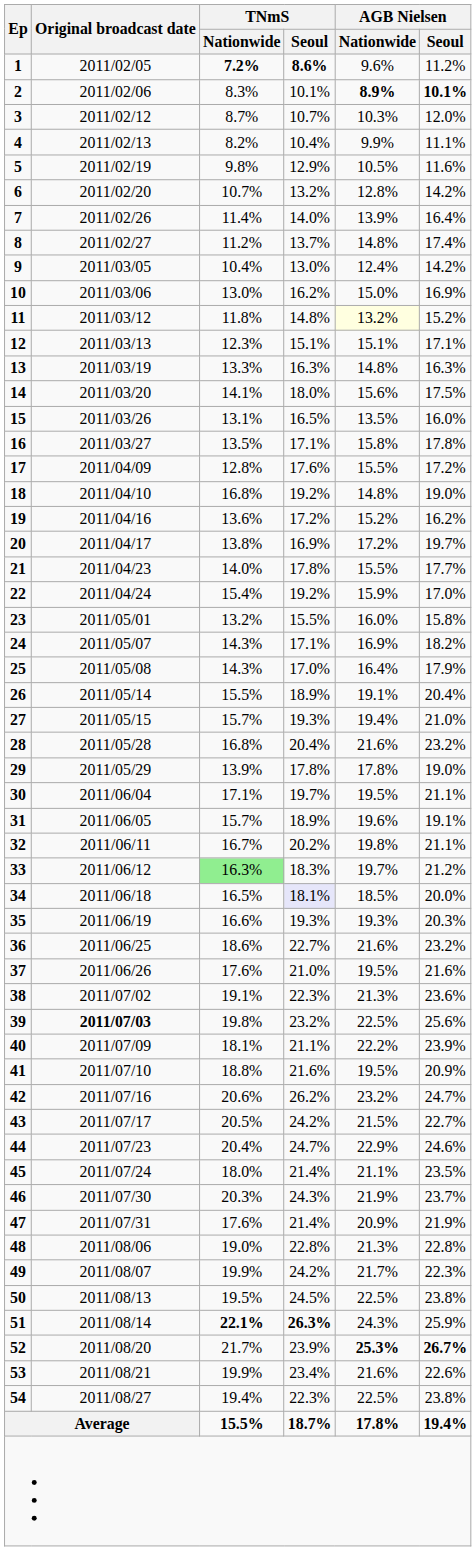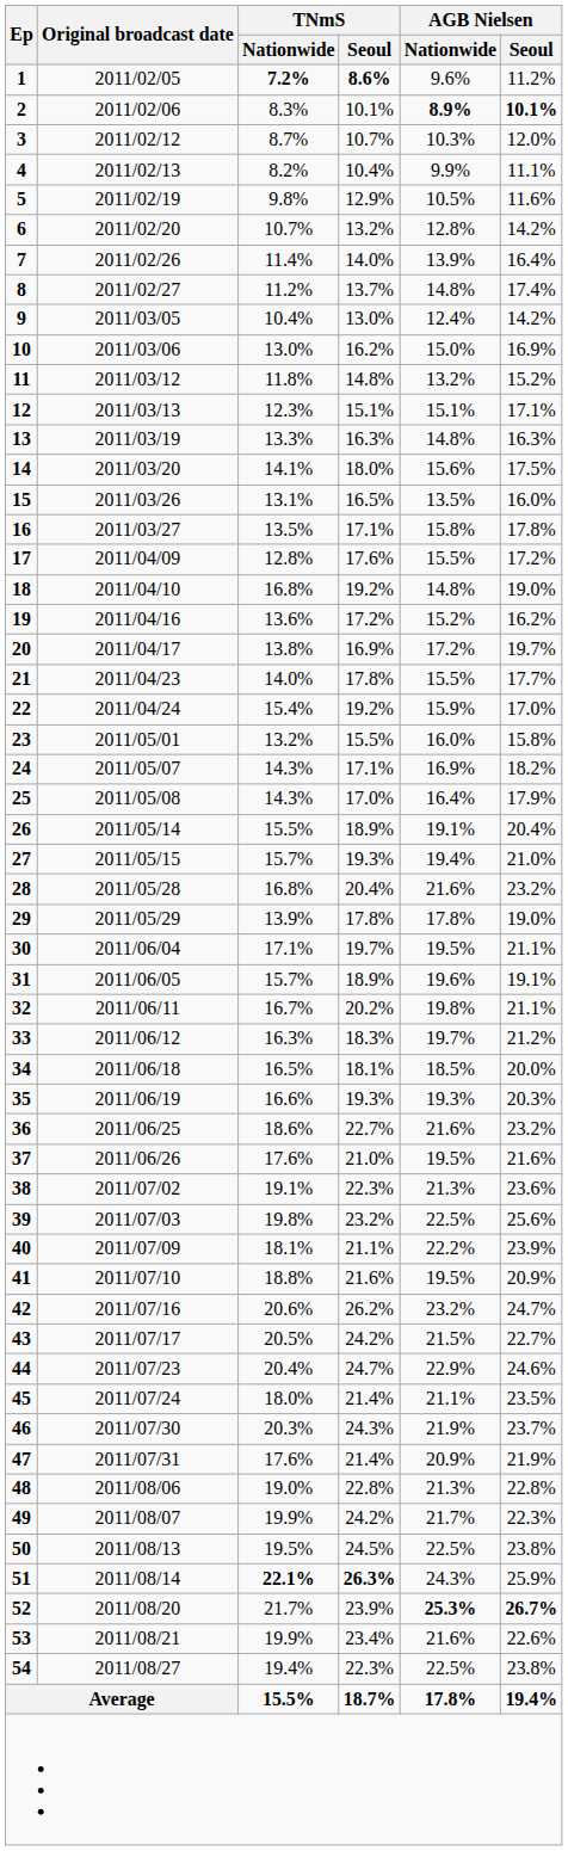 <table class="wikitable" style="text-align:center;max-width:550px; margin-left: auto; margin-right: auto; border: none;">
 <tr>
 </tr>
 <tr>
 <th rowspan="2">Ep</th>
 <th rowspan="2">Original broadcast date</th>
 <th colspan="2">TNmS</th>
 <th colspan="2">AGB Nielsen</th>
 </tr>
 <tr>
 <th>Nationwide</th>
 <th>Seoul</th>
 <th>Nationwide</th>
 <th>Seoul</th>
 </tr>
 <tr>
 <td><strong>1</strong></td>
 <td>2011/02/05</td>
 <td><span><strong>7.2%</strong></span></td>
 <td><span><strong>8.6%</strong></span></td>
 <td>9.6%</td>
 <td>11.2%</td>
 </tr>
 <tr>
 <td><strong>2</strong></td>
 <td>2011/02/06</td>
 <td>8.3%</td>
 <td>10.1%</td>
 <td><span><strong>8.9%</strong></span></td>
 <td><span><strong>10.1%</strong></span></td>
 </tr>
 <tr>
 <td><strong>3</strong></td>
 <td>2011/02/12</td>
 <td>8.7%</td>
 <td>10.7%</td>
 <td>10.3%</td>
 <td>12.0%</td>
 </tr>
 <tr>
 <td><strong>4</strong></td>
 <td>2011/02/13</td>
 <td>8.2%</td>
 <td>10.4%</td>
 <td>9.9%</td>
 <td>11.1%</td>
 </tr>
 <tr>
 <td><strong>5</strong></td>
 <td>2011/02/19</td>
 <td>9.8%</td>
 <td>12.9%</td>
 <td>10.5%</td>
 <td>11.6%</td>
 </tr>
 <tr>
 <td><strong>6</strong></td>
 <td>2011/02/20</td>
 <td>10.7%</td>
 <td>13.2%</td>
 <td>12.8%</td>
 <td>14.2%</td>
 </tr>
 <tr>
 <td><strong>7</strong></td>
 <td>2011/02/26</td>
 <td>11.4%</td>
 <td>14.0%</td>
 <td>13.9%</td>
 <td>16.4%</td>
 </tr>
 <tr>
 <td><strong>8</strong></td>
 <td>2011/02/27</td>
 <td>11.2%</td>
 <td>13.7%</td>
 <td>14.8%</td>
 <td>17.4%</td>
 </tr>
 <tr>
 <td><strong>9</strong></td>
 <td>2011/03/05</td>
 <td>10.4%</td>
 <td>13.0%</td>
 <td>12.4%</td>
 <td>14.2%</td>
 </tr>
 <tr>
 <td><strong>10</strong></td>
 <td>2011/03/06</td>
 <td>13.0%</td>
 <td>16.2%</td>
 <td>15.0%</td>
 <td>16.9%</td>
 </tr>
 <tr>
 <td><strong>11</strong></td>
 <td>2011/03/12</td>
 <td>11.8%</td>
 <td>14.8%</td>
-<td style="background: lightyellow;">13.2%</td>
+<td>13.2%</td>
 <td>15.2%</td>
 </tr>
 <tr>
 <td><strong>12</strong></td>
 <td>2011/03/13</td>
 <td>12.3%</td>
 <td>15.1%</td>
 <td>15.1%</td>
 <td>17.1%</td>
 </tr>
 <tr>
 <td><strong>13</strong></td>
 <td>2011/03/19</td>
 <td>13.3%</td>
 <td>16.3%</td>
 <td>14.8%</td>
 <td>16.3%</td>
 </tr>
 <tr>
 <td><strong>14</strong></td>
 <td>2011/03/20</td>
 <td>14.1%</td>
 <td>18.0%</td>
 <td>15.6%</td>
 <td>17.5%</td>
 </tr>
 <tr>
 <td><strong>15</strong></td>
 <td>2011/03/26</td>
 <td>13.1%</td>
 <td>16.5%</td>
 <td>13.5%</td>
 <td>16.0%</td>
 </tr>
 <tr>
 <td><strong>16</strong></td>
 <td>2011/03/27</td>
 <td>13.5%</td>
 <td>17.1%</td>
 <td>15.8%</td>
 <td>17.8%</td>
 </tr>
 <tr>
 <td><strong>17</strong></td>
 <td>2011/04/09</td>
 <td>12.8%</td>
 <td>17.6%</td>
 <td>15.5%</td>
 <td>17.2%</td>
 </tr>
 <tr>
 <td><strong>18</strong></td>
 <td>2011/04/10</td>
 <td>16.8%</td>
 <td>19.2%</td>
 <td>14.8%</td>
 <td>19.0%</td>
 </tr>
 <tr>
 <td><strong>19</strong></td>
 <td>2011/04/16</td>
 <td>13.6%</td>
 <td>17.2%</td>
 <td>15.2%</td>
 <td>16.2%</td>
 </tr>
 <tr>
 <td><strong>20</strong></td>
 <td>2011/04/17</td>
 <td>13.8%</td>
 <td>16.9%</td>
 <td>17.2%</td>
 <td>19.7%</td>
 </tr>
 <tr>
 <td><strong>21</strong></td>
 <td>2011/04/23</td>
 <td>14.0%</td>
 <td>17.8%</td>
 <td>15.5%</td>
 <td>17.7%</td>
 </tr>
 <tr>
 <td><strong>22</strong></td>
 <td>2011/04/24</td>
 <td>15.4%</td>
 <td>19.2%</td>
 <td>15.9%</td>
 <td>17.0%</td>
 </tr>
 <tr>
 <td><strong>23</strong></td>
 <td>2011/05/01</td>
 <td>13.2%</td>
 <td>15.5%</td>
 <td>16.0%</td>
 <td>15.8%</td>
 </tr>
 <tr>
 <td><strong>24</strong></td>
 <td>2011/05/07</td>
 <td>14.3%</td>
 <td>17.1%</td>
 <td>16.9%</td>
 <td>18.2%</td>
 </tr>
 <tr>
 <td><strong>25</strong></td>
 <td>2011/05/08</td>
 <td>14.3%</td>
 <td>17.0%</td>
 <td>16.4%</td>
 <td>17.9%</td>
 </tr>
 <tr>
 <td><strong>26</strong></td>
 <td>2011/05/14</td>
 <td>15.5%</td>
 <td>18.9%</td>
 <td>19.1%</td>
 <td>20.4%</td>
 </tr>
 <tr>
 <td><strong>27</strong></td>
 <td>2011/05/15</td>
 <td>15.7%</td>
 <td>19.3%</td>
 <td>19.4%</td>
 <td>21.0%</td>
 </tr>
 <tr>
 <td><strong>28</strong></td>
 <td>2011/05/28</td>
 <td>16.8%</td>
 <td>20.4%</td>
 <td>21.6%</td>
 <td>23.2%</td>
 </tr>
 <tr>
 <td><strong>29</strong></td>
 <td>2011/05/29</td>
 <td>13.9%</td>
 <td>17.8%</td>
 <td>17.8%</td>
 <td>19.0%</td>
 </tr>
 <tr>
 <td><strong>30</strong></td>
 <td>2011/06/04</td>
 <td>17.1%</td>
 <td>19.7%</td>
 <td>19.5%</td>
 <td>21.1%</td>
 </tr>
 <tr>
 <td><strong>31</strong></td>
 <td>2011/06/05</td>
 <td>15.7%</td>
 <td>18.9%</td>
 <td>19.6%</td>
 <td>19.1%</td>
 </tr>
 <tr>
 <td><strong>32</strong></td>
 <td>2011/06/11</td>
 <td>16.7%</td>
 <td>20.2%</td>
 <td>19.8%</td>
 <td>21.1%</td>
 </tr>
 <tr>
 <td><strong>33</strong></td>
 <td>2011/06/12</td>
-<td style="background: lightgreen;">16.3%</td>
+<td>16.3%</td>
 <td>18.3%</td>
 <td>19.7%</td>
 <td>21.2%</td>
 </tr>
 <tr>
 <td><strong>34</strong></td>
 <td>2011/06/18</td>
 <td>16.5%</td>
-<td style="background: lavender;">18.1%</td>
+<td>18.1%</td>
 <td>18.5%</td>
 <td>20.0%</td>
 </tr>
 <tr>
 <td><strong>35</strong></td>
 <td>2011/06/19</td>
 <td>16.6%</td>
 <td>19.3%</td>
 <td>19.3%</td>
 <td>20.3%</td>
 </tr>
 <tr>
 <td><strong>36</strong></td>
 <td>2011/06/25</td>
 <td>18.6%</td>
 <td>22.7%</td>
 <td>21.6%</td>
 <td>23.2%</td>
 </tr>
 <tr>
 <td><strong>37</strong></td>
 <td>2011/06/26</td>
 <td>17.6%</td>
 <td>21.0%</td>
 <td>19.5%</td>
 <td>21.6%</td>
 </tr>
 <tr>
 <td><strong>38</strong></td>
 <td>2011/07/02</td>
 <td>19.1%</td>
 <td>22.3%</td>
 <td>21.3%</td>
 <td>23.6%</td>
 </tr>
 <tr>
 <td><strong>39</strong></td>
-<td><strong>2011/07/03</strong></td>
+<td>2011/07/03</td>
 <td>19.8%</td>
 <td>23.2%</td>
 <td>22.5%</td>
 <td>25.6%</td>
 </tr>
 <tr>
 <td><strong>40</strong></td>
 <td>2011/07/09</td>
 <td>18.1%</td>
 <td>21.1%</td>
 <td>22.2%</td>
 <td>23.9%</td>
 </tr>
 <tr>
 <td><strong>41</strong></td>
 <td>2011/07/10</td>
 <td>18.8%</td>
 <td>21.6%</td>
 <td>19.5%</td>
 <td>20.9%</td>
 </tr>
 <tr>
 <td><strong>42</strong></td>
 <td>2011/07/16</td>
 <td>20.6%</td>
 <td>26.2%</td>
 <td>23.2%</td>
 <td>24.7%</td>
 </tr>
 <tr>
 <td><strong>43</strong></td>
 <td>2011/07/17</td>
 <td>20.5%</td>
 <td>24.2%</td>
 <td>21.5%</td>
 <td>22.7%</td>
 </tr>
 <tr>
 <td><strong>44</strong></td>
 <td>2011/07/23</td>
 <td>20.4%</td>
 <td>24.7%</td>
 <td>22.9%</td>
 <td>24.6%</td>
 </tr>
 <tr>
 <td><strong>45</strong></td>
 <td>2011/07/24</td>
 <td>18.0%</td>
 <td>21.4%</td>
 <td>21.1%</td>
 <td>23.5%</td>
 </tr>
 <tr>
 <td><strong>46</strong></td>
 <td>2011/07/30</td>
 <td>20.3%</td>
 <td>24.3%</td>
 <td>21.9%</td>
 <td>23.7%</td>
 </tr>
 <tr>
 <td><strong>47</strong></td>
 <td>2011/07/31</td>
 <td>17.6%</td>
 <td>21.4%</td>
 <td>20.9%</td>
 <td>21.9%</td>
 </tr>
 <tr>
 <td><strong>48</strong></td>
 <td>2011/08/06</td>
 <td>19.0%</td>
 <td>22.8%</td>
 <td>21.3%</td>
 <td>22.8%</td>
 </tr>
 <tr>
 <td><strong>49</strong></td>
 <td>2011/08/07</td>
 <td>19.9%</td>
 <td>24.2%</td>
 <td>21.7%</td>
 <td>22.3%</td>
 </tr>
 <tr>
 <td><strong>50</strong></td>
 <td>2011/08/13</td>
 <td>19.5%</td>
 <td>24.5%</td>
 <td>22.5%</td>
 <td>23.8%</td>
 </tr>
 <tr>
 <td><strong>51</strong></td>
 <td>2011/08/14</td>
 <td><span><strong>22.1%</strong></span></td>
 <td><span><strong>26.3%</strong></span></td>
 <td>24.3%</td>
 <td>25.9%</td>
 </tr>
 <tr>
 <td><strong>52</strong></td>
 <td>2011/08/20</td>
 <td>21.7%</td>
 <td>23.9%</td>
 <td><span><strong>25.3%</strong></span></td>
 <td><span><strong>26.7%</strong></span></td>
 </tr>
 <tr>
 <td><strong>53</strong></td>
 <td>2011/08/21</td>
 <td>19.9%</td>
 <td>23.4%</td>
 <td>21.6%</td>
 <td>22.6%</td>
 </tr>
 <tr>
 <td><strong>54</strong></td>
 <td>2011/08/27</td>
 <td>19.4%</td>
 <td>22.3%</td>
 <td>22.5%</td>
 <td>23.8%</td>
 </tr>
 <tr>
 <th colspan="2">Average</th>
 <td><span><strong>15.5%</strong></span></td>
 <td><span><strong>18.7%</strong></span></td>
 <td><span><strong>17.8%</strong></span></td>
 <td><span><strong>19.4%</strong></span></td>
 </tr>
 <tr>
 <td colspan="6"><br><ul><li></li><li></li><li></li></ul></td>
 </tr>
 </table>
